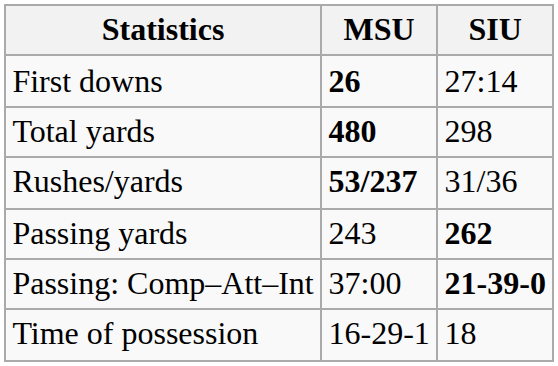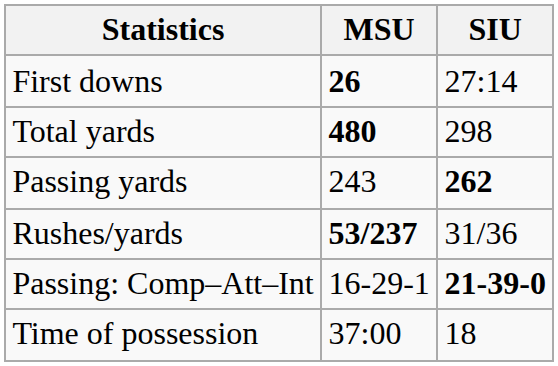 <table class="wikitable" style="float: left;">
 <tr>
 <th>Statistics</th>
 <th>MSU</th>
 <th>SIU</th>
 </tr>
 <tr>
 <td>First downs</td>
 <td><strong>26</strong></td>
 <td>27:14</td>
 </tr>
 <tr>
 <td>Total yards</td>
 <td><strong>480</strong></td>
 <td>298</td>
 </tr>
 <tr>
+<td>Passing yards</td>
+<td>243</td>
+<td><strong>262</strong></td>
+</tr>
+<tr>
 <td>Rushes/yards</td>
 <td><strong>53/237</strong></td>
 <td>31/36</td>
 </tr>
 <tr>
-<td>Passing yards</td>
-<td>243</td>
-<td><strong>262</strong></td>
-</tr>
-<tr>
 <td>Passing: Comp–Att–Int</td>
-<td>37:00</td>
+<td>16-29-1</td>
 <td><strong>21-39-0</strong></td>
 </tr>
 <tr>
 <td>Time of possession</td>
-<td>16-29-1</td>
+<td>37:00</td>
 <td>18</td>
 </tr>
 <tr>
 </tr>
 </table>
